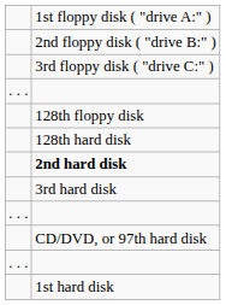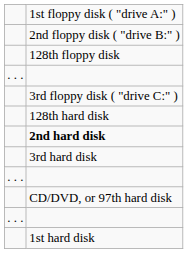 <table class="wikitable">
 <tr ---->
 <td></td>
 <td>1st floppy disk ( "drive A:" )</td>
 </tr>
 <tr ---->
 <td></td>
 <td>2nd floppy disk ( "drive B:" )</td>
 </tr>
 <tr ---->
 <td></td>
-<td>3rd floppy disk ( "drive C:" )</td>
+<td>128th floppy disk</td>
 </tr>
 <tr ---->
 <td>. . .</td>
 </tr>
 <tr ---->
 <td></td>
-<td>128th floppy disk</td>
+<td>3rd floppy disk ( "drive C:" )</td>
 </tr>
 <tr ---->
 <td></td>
 <td>128th hard disk</td>
 </tr>
 <tr ---->
 <td></td>
 <td><strong>2nd hard disk</strong></td>
 </tr>
 <tr ---->
 <td></td>
 <td>3rd hard disk</td>
 </tr>
 <tr ---->
 <td>. . .</td>
 </tr>
 <tr ---->
 <td></td>
 <td>CD/DVD, or 97th hard disk</td>
 </tr>
 <tr ---->
 <td>. . .</td>
 </tr>
 <tr ---->
 <td></td>
 <td>1st hard disk</td>
 </tr>
 </table>
